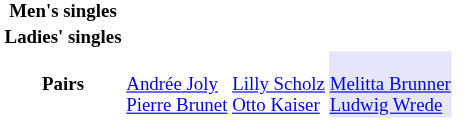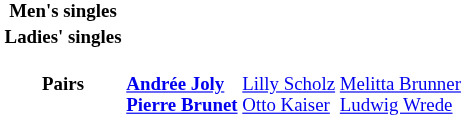 <table>
 <tr>
 <th scope="row">Men's singles<br></th>
 <td></td>
 <td></td>
 <td></td>
 </tr>
 <tr>
 <th scope="row">Ladies' singles<br></th>
 <td></td>
 <td></td>
 <td></td>
 </tr>
 <tr>
 <th scope="row">Pairs<br></th>
-<td><br><a href='#'>Andrée Joly</a><br><a href='#'>Pierre Brunet</a></td>
+<td><strong><br><a href='#'>Andrée Joly</a><br><a href='#'>Pierre Brunet</a></strong></td>
 <td><br><a href='#'>Lilly Scholz</a><br><a href='#'>Otto Kaiser</a></td>
-<td style="background: lavender;"><br><a href='#'>Melitta Brunner</a><br><a href='#'>Ludwig Wrede</a></td>
+<td><br><a href='#'>Melitta Brunner</a><br><a href='#'>Ludwig Wrede</a></td>
 </tr>
 </table>
